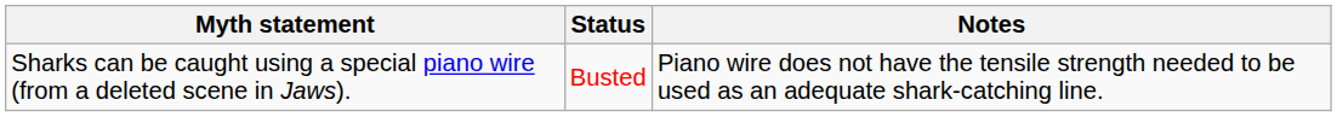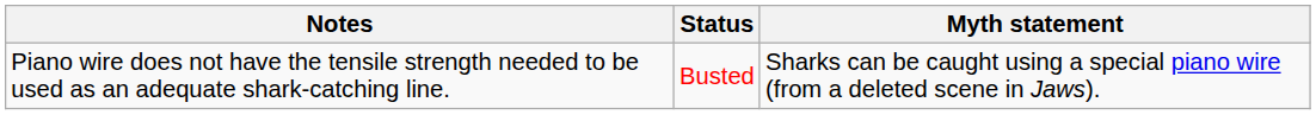 <table class="wikitable plainrowheaders">
 <tr>
+<th>Notes</th>
+<th>Status</th>
 <th>Myth statement</th>
-<th>Status</th>
-<th>Notes</th>
 </tr>
 <tr>
+<td>Piano wire does not have the tensile strength needed to be used as an adequate shark-catching line.</td>
+<td style="color:red">Busted</td>
 <td>Sharks can be caught using a special <a href='#'>piano wire</a> (from a deleted scene in <em>Jaws</em>).</td>
-<td style="color:red">Busted</td>
-<td>Piano wire does not have the tensile strength needed to be used as an adequate shark-catching line.</td>
 </tr>
 </table>
